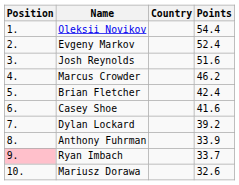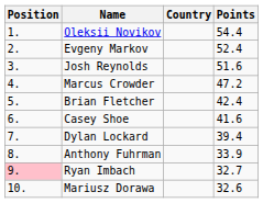 <table class="wikitable sortable" style="display: inline-table">
 <tr>
 <th>Position</th>
 <th>Name</th>
 <th>Country</th>
 <th>Points</th>
 </tr>
 <tr>
 <td>1.</td>
 <td><a href='#'>Oleksii Novikov</a></td>
 <td></td>
 <td>54.4</td>
 </tr>
 <tr>
 <td>2.</td>
 <td>Evgeny Markov</td>
 <td></td>
 <td>52.4</td>
 </tr>
 <tr>
 <td>3.</td>
 <td>Josh Reynolds</td>
 <td></td>
 <td>51.6</td>
 </tr>
 <tr>
 <td>4.</td>
 <td>Marcus Crowder</td>
 <td></td>
-<td>46.2</td>
+<td>47.2</td>
 </tr>
 <tr>
 <td>5.</td>
 <td>Brian Fletcher</td>
 <td></td>
 <td>42.4</td>
 </tr>
 <tr>
 <td>6.</td>
 <td>Casey Shoe</td>
 <td></td>
 <td>41.6</td>
 </tr>
 <tr>
 <td>7.</td>
 <td>Dylan Lockard</td>
 <td></td>
-<td>39.2</td>
+<td>39.4</td>
 </tr>
 <tr>
 <td>8.</td>
 <td>Anthony Fuhrman</td>
 <td></td>
 <td>33.9</td>
 </tr>
 <tr>
 <td style="background: pink;">9.</td>
 <td>Ryan Imbach</td>
 <td></td>
-<td>33.7</td>
+<td>32.7</td>
 </tr>
 <tr>
 <td>10.</td>
 <td>Mariusz Dorawa</td>
 <td></td>
 <td>32.6</td>
 </tr>
 </table>
